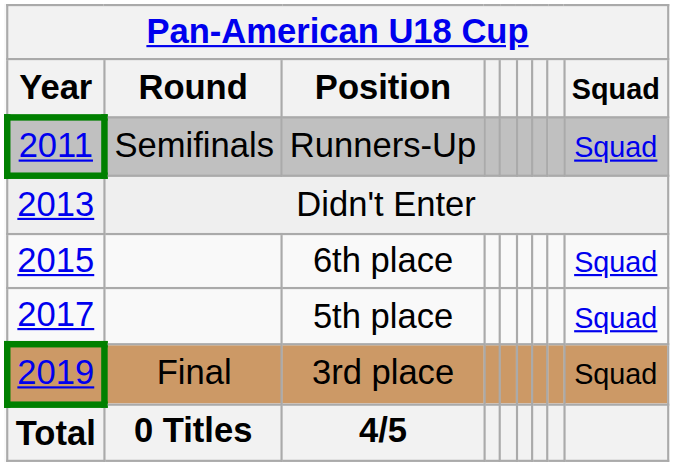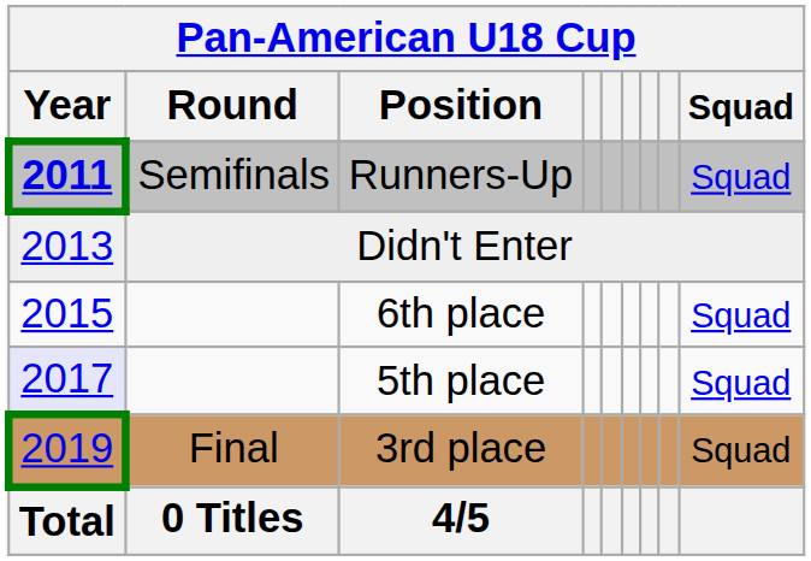 <table class="wikitable" style="text-align: center;">
 <tr>
 <th colspan=9><a href='#'>Pan-American U18 Cup</a></th>
 </tr>
 <tr>
 <th>Year</th>
 <th>Round</th>
 <th>Position</th>
 <th></th>
 <th></th>
 <th></th>
 <th></th>
 <th></th>
 <th><small>Squad</small></th>
 </tr>
 <tr bgcolor=silver>
-<td Style="border:3px solid green"> <a href='#'>2011</a></td>
+<td Style="border:3px solid green"><strong> <a href='#'>2011</a></strong></td>
 <td>Semifinals</td>
 <td>Runners-Up</td>
 <td></td>
 <td></td>
 <td></td>
 <td></td>
 <td></td>
 <td><small><a href='#'>Squad</a></small></td>
 </tr>
 <tr bgcolor="efefef">
 <td> <a href='#'>2013</a></td>
 <td colspan=9>Didn't Enter</td>
 </tr>
 <tr>
 <td> <a href='#'>2015</a></td>
 <td></td>
 <td>6th place</td>
 <td></td>
 <td></td>
 <td></td>
 <td></td>
 <td></td>
 <td><small><a href='#'>Squad</a></small></td>
 </tr>
 <tr>
-<td> <a href='#'>2017</a></td>
+<td style="background: lavender;"> <a href='#'>2017</a></td>
 <td></td>
 <td>5th place</td>
 <td></td>
 <td></td>
 <td></td>
 <td></td>
 <td></td>
 <td><small><a href='#'>Squad</a></small></td>
 </tr>
 <tr bgcolor=cc9966>
 <td Style="border:3px solid green"> <a href='#'>2019</a></td>
 <td>Final</td>
 <td>3rd place</td>
 <td></td>
 <td></td>
 <td></td>
 <td></td>
 <td></td>
 <td><small>Squad</small></td>
 </tr>
 <tr>
 <th>Total</th>
 <th>0 Titles</th>
 <th>4/5</th>
 <th></th>
 <th></th>
 <th></th>
 <th></th>
 <th></th>
 <th></th>
 </tr>
 </table>
